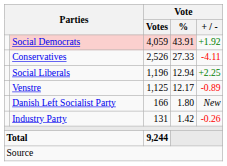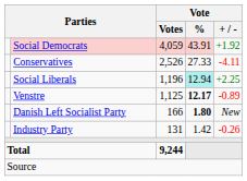 <table class="wikitable" style="text-align:right;">
 <tr>
 <th style="text-align:centre;" rowspan="2" colspan="2" width="225">Parties</th>
 <th colspan="3">Vote</th>
 </tr>
 <tr>
 <th width="15">Votes</th>
 <th width="15">%</th>
 <th width="15">+ / -</th>
 </tr>
 <tr>
 <td width="2" style="color:inherit;background:"></td>
 <td bgcolor=#fbd0ce  align="left"><a href='#'>Social Democrats</a></td>
 <td bgcolor=#fbd0ce>4,059</td>
 <td bgcolor=#fbd0ce>43.91</td>
 <td style=color:green;>+1.92</td>
 </tr>
 <tr>
 <td width="2" style="color:inherit;background:"></td>
 <td align="left"><a href='#'>Conservatives</a></td>
 <td>2,526</td>
 <td>27.33</td>
 <td style=color:red;>-4.11</td>
 </tr>
 <tr>
 <td width="2" style="color:inherit;background:"></td>
 <td align="left"><a href='#'>Social Liberals</a></td>
 <td>1,196</td>
-<td>12.94</td>
+<td style="background: paleturquoise;">12.94</td>
 <td style=color:green;>+2.25</td>
 </tr>
 <tr>
 <td width="2" style="color:inherit;background:"></td>
 <td align="left"><a href='#'>Venstre</a></td>
 <td>1,125</td>
-<td>12.17</td>
+<td><strong>12.17</strong></td>
 <td style=color:red;>-0.89</td>
 </tr>
 <tr>
 <td width="2" style="color:inherit;background:"></td>
 <td align="left"><a href='#'>Danish Left Socialist Party</a></td>
 <td>166</td>
-<td>1.80</td>
+<td><strong>1.80</strong></td>
 <td><em>New</em></td>
 </tr>
 <tr>
 <td width="2" style="color:inherit;background:"></td>
 <td align="left"><a href='#'>Industry Party</a></td>
 <td>131</td>
 <td>1.42</td>
 <td style=color:red;>-0.26</td>
 </tr>
 <tr>
 <td colspan="7" bgcolor="#E9E9E9"></td>
 </tr>
 <tr>
 <td align="left" colspan="2"><strong>Total</strong></td>
 <td><strong>9,244</strong></td>
 <td bgcolor="#E9E9E9" colspan="2"></td>
 </tr>
 <tr>
 <td align="left" colspan="6">Source</td>
 </tr>
 </table>
